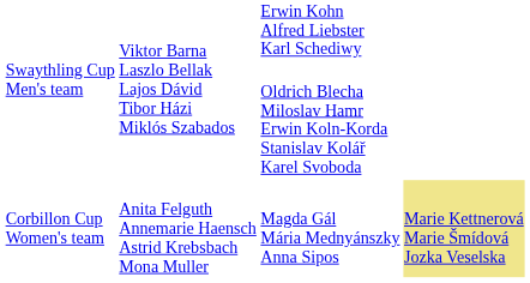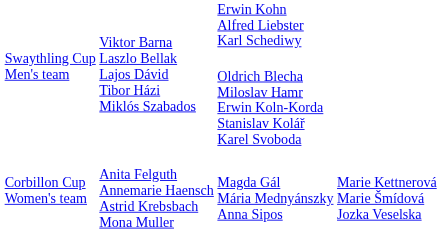 <table>
 <tr>
 <td rowspan=2><a href='#'>Swaythling Cup<br>Men's team</a></td>
 <td rowspan=2><br><a href='#'>Viktor Barna</a><br><a href='#'>Laszlo Bellak</a><br><a href='#'>Lajos Dávid</a><br><a href='#'>Tibor Házi</a><br><a href='#'>Miklós Szabados</a></td>
 <td><br><a href='#'>Erwin Kohn</a><br><a href='#'>Alfred Liebster</a><br><a href='#'>Karl Schediwy</a></td>
 <td rowspan=2></td>
 </tr>
 <tr>
 <td><br><a href='#'>Oldrich Blecha</a><br><a href='#'>Miloslav Hamr</a><br><a href='#'>Erwin Koln-Korda</a><br><a href='#'>Stanislav Kolář</a><br><a href='#'>Karel Svoboda</a></td>
 </tr>
 <tr>
 <td><a href='#'>Corbillon Cup<br>Women's team</a></td>
 <td><br><a href='#'>Anita Felguth</a><br><a href='#'>Annemarie Haensch</a><br><a href='#'>Astrid Krebsbach</a><br><a href='#'>Mona Muller</a></td>
 <td><br><a href='#'>Magda Gál</a><br><a href='#'>Mária Mednyánszky</a><br><a href='#'>Anna Sipos</a></td>
-<td style="background: khaki;"><br><a href='#'>Marie Kettnerová</a><br><a href='#'>Marie Šmídová</a><br><a href='#'>Jozka Veselska</a></td>
+<td><br><a href='#'>Marie Kettnerová</a><br><a href='#'>Marie Šmídová</a><br><a href='#'>Jozka Veselska</a></td>
 </tr>
 </table>
